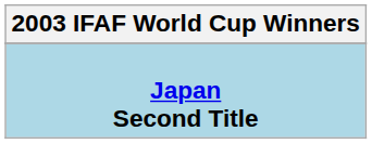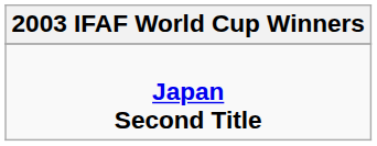 <table class="wikitable" style="text-align: center; margin: 0 auto;">
 <tr>
 <th>2003 IFAF World Cup Winners</th>
 </tr>
 <tr>
 </tr>
 <tr>
-<td style="background: lightblue;"><br><strong><a href='#'>Japan</a></strong><br><strong>Second Title</strong></td>
+<td><br><strong><a href='#'>Japan</a></strong><br><strong>Second Title</strong></td>
 </tr>
 </table>
